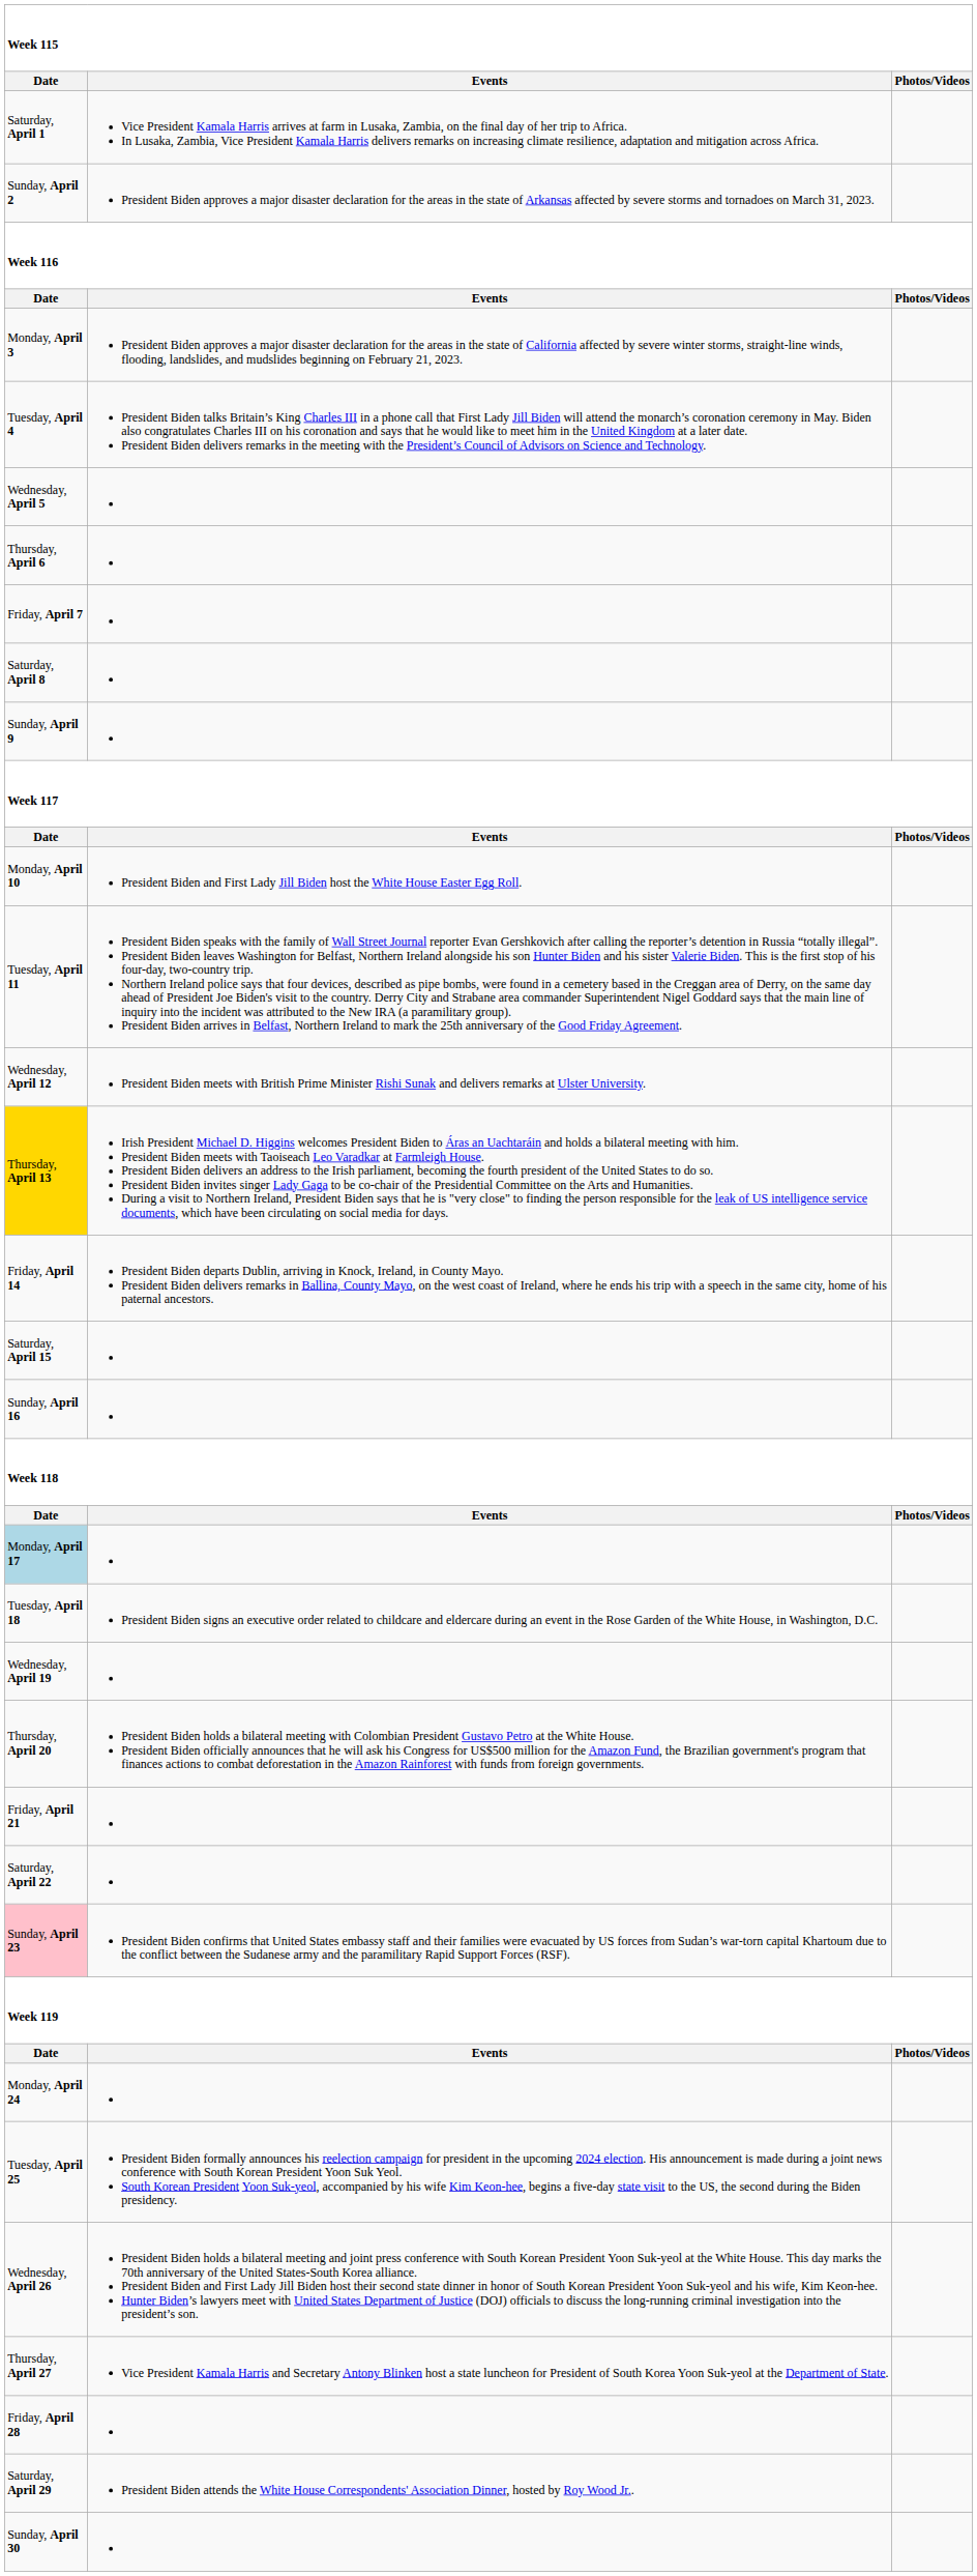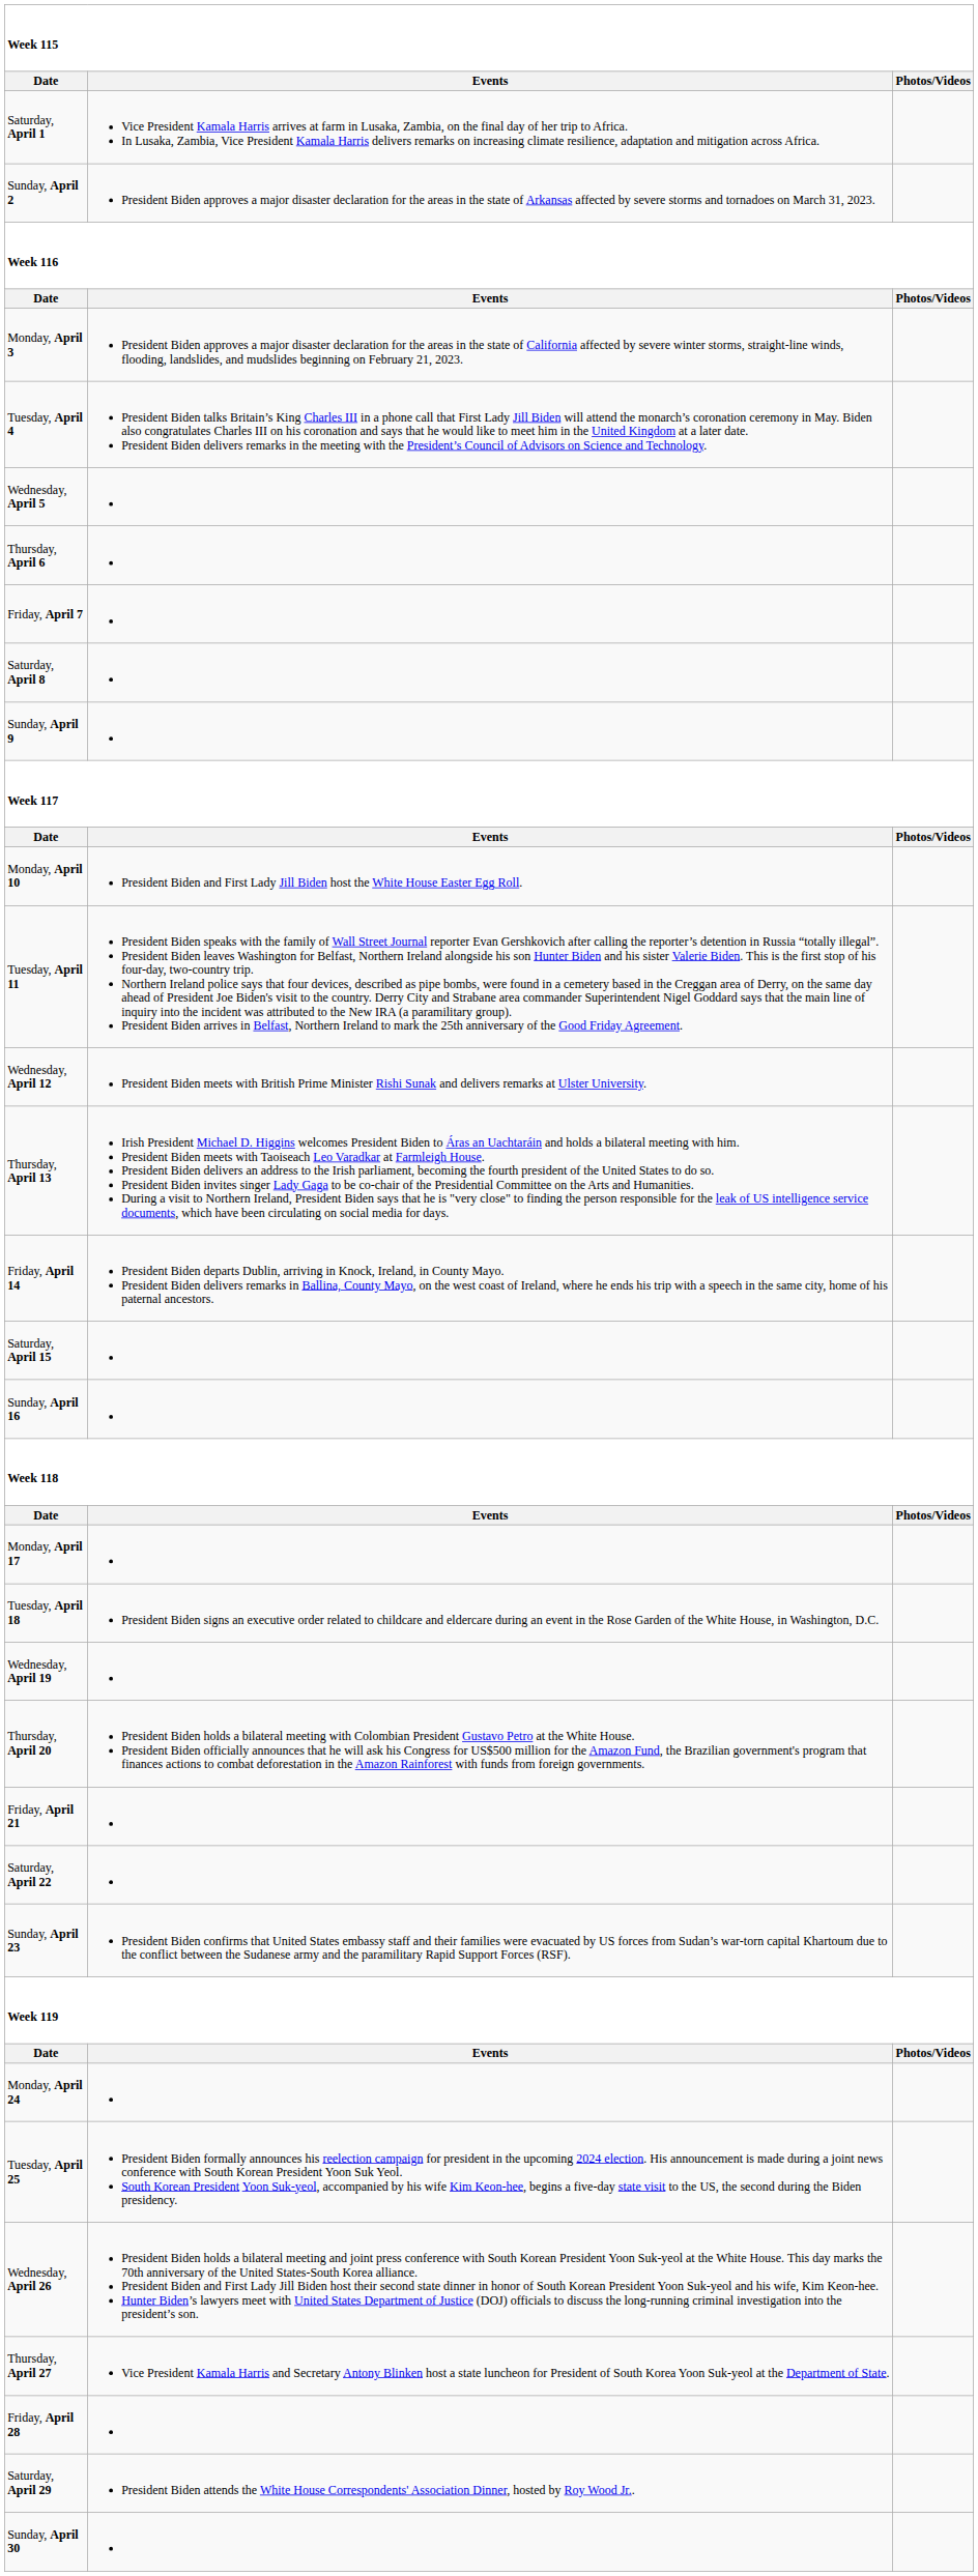 <table class="wikitable">
 <tr style="background:white;">
 <td colspan="3"><br><h4>Week 115</h4></td>
 </tr>
 <tr>
 <th>Date</th>
 <th>Events</th>
 <th>Photos/Videos</th>
 </tr>
 <tr>
 <td>Saturday, <strong>April 1</strong></td>
 <td><br><ul><li>Vice President <a href='#'>Kamala Harris</a> arrives at farm in Lusaka, Zambia, on the final day of her trip to Africa.</li><li>In Lusaka, Zambia, Vice President <a href='#'>Kamala Harris</a> delivers remarks on increasing climate resilience, adaptation and mitigation across Africa.</li></ul></td>
 <td></td>
 </tr>
 <tr>
 <td>Sunday, <strong>April 2</strong></td>
 <td><br><ul><li>President Biden approves a major disaster declaration for the areas in the state of <a href='#'>Arkansas</a> affected by severe storms and tornadoes on March 31, 2023.</li></ul></td>
 <td></td>
 </tr>
 <tr style="background:white;">
 <td colspan="3"><br><h4>Week 116</h4></td>
 </tr>
 <tr>
 <th>Date</th>
 <th>Events</th>
 <th>Photos/Videos</th>
 </tr>
 <tr>
 <td>Monday, <strong>April 3</strong></td>
 <td><br><ul><li>President Biden approves a major disaster declaration for the areas in the state of <a href='#'>California</a> affected by severe winter storms, straight-line winds, flooding, landslides, and mudslides beginning on February 21, 2023.</li></ul></td>
 <td></td>
 </tr>
 <tr>
 <td>Tuesday, <strong>April 4</strong></td>
 <td><br><ul><li>President Biden talks Britain’s King <a href='#'>Charles III</a> in a phone call that First Lady <a href='#'>Jill Biden</a> will attend the monarch’s coronation ceremony in May. Biden also congratulates Charles III on his coronation and says that he would like to meet him in the <a href='#'>United Kingdom</a> at a later date.</li><li>President Biden delivers remarks in the meeting with the <a href='#'>President’s Council of Advisors on Science and Technology</a>.</li></ul></td>
 <td></td>
 </tr>
 <tr>
 <td>Wednesday, <strong>April 5</strong></td>
 <td><br><ul><li></li></ul></td>
 <td></td>
 </tr>
 <tr>
 <td>Thursday, <strong>April 6</strong></td>
 <td><br><ul><li></li></ul></td>
 <td></td>
 </tr>
 <tr>
 <td>Friday, <strong>April 7</strong></td>
 <td><br><ul><li></li></ul></td>
 <td></td>
 </tr>
 <tr>
 <td>Saturday, <strong>April 8</strong></td>
 <td><br><ul><li></li></ul></td>
 <td></td>
 </tr>
 <tr>
 <td>Sunday, <strong>April 9</strong></td>
 <td><br><ul><li></li></ul></td>
 <td></td>
 </tr>
 <tr style="background:white;">
 <td colspan="3"><br><h4>Week 117</h4></td>
 </tr>
 <tr>
 <th>Date</th>
 <th>Events</th>
 <th>Photos/Videos</th>
 </tr>
 <tr>
 <td>Monday, <strong>April 10</strong></td>
 <td><br><ul><li>President Biden and First Lady <a href='#'>Jill Biden</a> host the <a href='#'>White House Easter Egg Roll</a>.</li></ul></td>
 <td></td>
 </tr>
 <tr>
 <td>Tuesday, <strong>April 11</strong></td>
 <td><br><ul><li>President Biden speaks with the family of <a href='#'>Wall Street Journal</a> reporter Evan Gershkovich after calling the reporter’s detention in Russia “totally illegal”.</li><li>President Biden leaves Washington for Belfast, Northern Ireland alongside his son <a href='#'>Hunter Biden</a> and his sister <a href='#'>Valerie Biden</a>. This is the first stop of his four-day, two-country trip.</li><li>Northern Ireland police says that four devices, described as pipe bombs, were found in a cemetery based in the Creggan area of Derry, on the same day ahead of President Joe Biden's visit to the country. Derry City and Strabane area commander Superintendent Nigel Goddard says that the main line of inquiry into the incident was attributed to the New IRA (a paramilitary group).</li><li>President Biden arrives in <a href='#'>Belfast</a>, Northern Ireland to mark the 25th anniversary of the <a href='#'>Good Friday Agreement</a>.</li></ul></td>
 <td></td>
 </tr>
 <tr>
 <td>Wednesday, <strong>April 12</strong></td>
 <td><br><ul><li>President Biden meets with British Prime Minister <a href='#'>Rishi Sunak</a> and delivers remarks at <a href='#'>Ulster University</a>.</li></ul></td>
 <td></td>
 </tr>
 <tr>
-<td style="background: gold;">Thursday, <strong>April 13</strong></td>
+<td>Thursday, <strong>April 13</strong></td>
 <td><br><ul><li>Irish President <a href='#'>Michael D. Higgins</a> welcomes President Biden to <a href='#'>Áras an Uachtaráin</a> and holds a bilateral meeting with him.</li><li>President Biden meets with Taoiseach <a href='#'>Leo Varadkar</a> at <a href='#'>Farmleigh House</a>.</li><li>President Biden delivers an address to the Irish parliament, becoming the fourth president of the United States to do so.</li><li>President Biden invites singer <a href='#'>Lady Gaga</a> to be co-chair of the Presidential Committee on the Arts and Humanities.</li><li>During a visit to Northern Ireland, President Biden says that he is "very close" to finding the person responsible for the <a href='#'>leak of US intelligence service documents</a>, which have been circulating on social media for days.</li></ul></td>
 <td></td>
 </tr>
 <tr>
 <td>Friday, <strong>April 14</strong></td>
 <td><br><ul><li>President Biden departs Dublin, arriving in Knock, Ireland, in County Mayo.</li><li>President Biden delivers remarks in <a href='#'>Ballina, County Mayo</a>, on the west coast of Ireland, where he ends his trip with a speech in the same city, home of his paternal ancestors.</li></ul></td>
 <td></td>
 </tr>
 <tr>
 <td>Saturday, <strong>April 15</strong></td>
 <td><br><ul><li></li></ul></td>
 <td></td>
 </tr>
 <tr>
 <td>Sunday, <strong>April 16</strong></td>
 <td><br><ul><li></li></ul></td>
 <td></td>
 </tr>
 <tr style="background:white;">
 <td colspan="3"><br><h4>Week 118</h4></td>
 </tr>
 <tr>
 <th>Date</th>
 <th>Events</th>
 <th>Photos/Videos</th>
 </tr>
 <tr>
-<td style="background: lightblue;">Monday, <strong>April 17</strong></td>
+<td>Monday, <strong>April 17</strong></td>
 <td><br><ul><li></li></ul></td>
 <td></td>
 </tr>
 <tr>
 <td>Tuesday, <strong>April 18</strong></td>
 <td><br><ul><li>President Biden signs an executive order related to childcare and eldercare during an event in the Rose Garden of the White House, in Washington, D.C.</li></ul></td>
 <td></td>
 </tr>
 <tr>
 <td>Wednesday, <strong>April 19</strong></td>
 <td><br><ul><li></li></ul></td>
 <td></td>
 </tr>
 <tr>
 <td>Thursday, <strong>April 20</strong></td>
 <td><br><ul><li>President Biden holds a bilateral meeting with Colombian President <a href='#'>Gustavo Petro</a> at the White House.</li><li>President Biden officially announces that he will ask his Congress for US$500 million for the <a href='#'>Amazon Fund</a>, the Brazilian government's program that finances actions to combat deforestation in the <a href='#'>Amazon Rainforest</a> with funds from foreign governments.</li></ul></td>
 <td></td>
 </tr>
 <tr>
 <td>Friday, <strong>April 21</strong></td>
 <td><br><ul><li></li></ul></td>
 <td></td>
 </tr>
 <tr>
 <td>Saturday, <strong>April 22</strong></td>
 <td><br><ul><li></li></ul></td>
 <td></td>
 </tr>
 <tr>
-<td style="background: pink;">Sunday, <strong>April 23</strong></td>
+<td>Sunday, <strong>April 23</strong></td>
 <td><br><ul><li>President Biden confirms that United States embassy staff and their families were evacuated by US forces from Sudan’s war-torn capital Khartoum due to the conflict between the Sudanese army and the paramilitary Rapid Support Forces (RSF).</li></ul></td>
 <td></td>
 </tr>
 <tr style="background:white;">
 <td colspan="3"><br><h4>Week 119</h4></td>
 </tr>
 <tr>
 <th>Date</th>
 <th>Events</th>
 <th>Photos/Videos</th>
 </tr>
 <tr>
 <td>Monday, <strong>April 24</strong></td>
 <td><br><ul><li></li></ul></td>
 <td></td>
 </tr>
 <tr>
 <td>Tuesday, <strong>April 25</strong></td>
 <td><br><ul><li>President Biden formally announces his <a href='#'>reelection campaign</a> for president in the upcoming <a href='#'>2024 election</a>. His announcement is made during a joint news conference with South Korean President Yoon Suk Yeol.</li><li><a href='#'>South Korean President</a> <a href='#'>Yoon Suk-yeol</a>, accompanied by his wife <a href='#'>Kim Keon-hee</a>, begins a five-day <a href='#'>state visit</a> to the US, the second during the Biden presidency.</li></ul></td>
 <td></td>
 </tr>
 <tr>
 <td>Wednesday, <strong>April 26</strong></td>
 <td><br><ul><li>President Biden holds a bilateral meeting and joint press conference with South Korean President Yoon Suk-yeol at the White House. This day marks the 70th anniversary of the United States-South Korea alliance.</li><li>President Biden and First Lady Jill Biden host their second state dinner in honor of South Korean President Yoon Suk-yeol and his wife, Kim Keon-hee.</li><li><a href='#'>Hunter Biden</a>’s lawyers meet with <a href='#'>United States Department of Justice</a> (DOJ) officials to discuss the long-running criminal investigation into the president’s son.</li></ul></td>
 <td></td>
 </tr>
 <tr>
 <td>Thursday, <strong>April 27</strong></td>
 <td><br><ul><li>Vice President <a href='#'>Kamala Harris</a> and Secretary <a href='#'>Antony Blinken</a> host a state luncheon for President of South Korea Yoon Suk-yeol at the <a href='#'>Department of State</a>.</li></ul></td>
 <td></td>
 </tr>
 <tr>
 <td>Friday, <strong>April 28</strong></td>
 <td><br><ul><li></li></ul></td>
 <td></td>
 </tr>
 <tr>
 <td>Saturday, <strong>April 29</strong></td>
 <td><br><ul><li>President Biden attends the <a href='#'>White House Correspondents' Association Dinner</a>, hosted by <a href='#'>Roy Wood Jr.</a>.</li></ul></td>
 <td></td>
 </tr>
 <tr>
 <td>Sunday, <strong>April 30</strong></td>
 <td><br><ul><li></li></ul></td>
 <td></td>
 </tr>
 </table>
